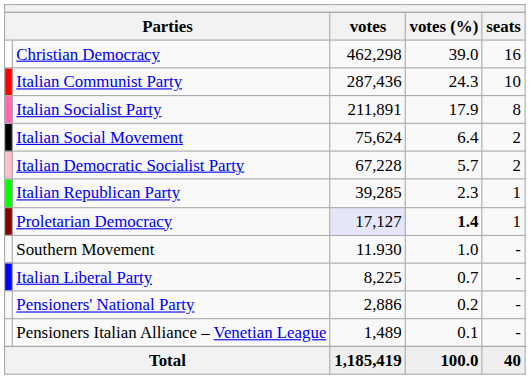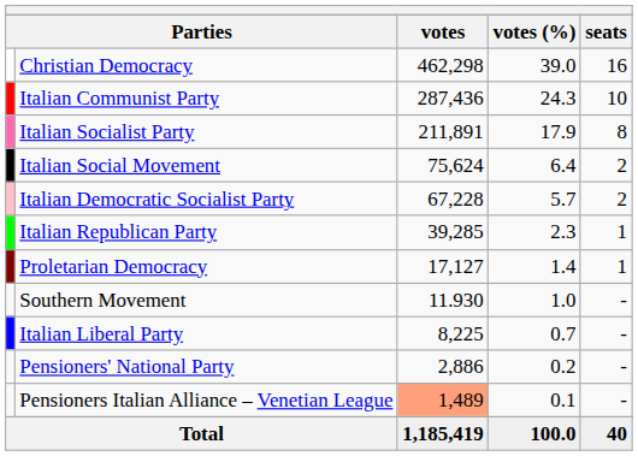 <table class="wikitable" style="font-size:95%">
 <tr>
 <th colspan=5></th>
 </tr>
 <tr>
 </tr>
 <tr bgcolor="EFEFEF">
 <th colspan=2>Parties</th>
 <th>votes</th>
 <th>votes (%)</th>
 <th>seats</th>
 </tr>
 <tr>
 <td bgcolor=White></td>
 <td><a href='#'>Christian Democracy</a></td>
 <td align=right>462,298</td>
 <td align=right>39.0</td>
 <td align=right>16</td>
 </tr>
 <tr>
 <td bgcolor=Red></td>
 <td><a href='#'>Italian Communist Party</a></td>
 <td align=right>287,436</td>
 <td align=right>24.3</td>
 <td align=right>10</td>
 </tr>
 <tr>
 <td bgcolor=Hotpink></td>
 <td><a href='#'>Italian Socialist Party</a></td>
 <td align=right>211,891</td>
 <td align=right>17.9</td>
 <td align=right>8</td>
 </tr>
 <tr>
 <td bgcolor=Black></td>
 <td><a href='#'>Italian Social Movement</a></td>
 <td align=right>75,624</td>
 <td align=right>6.4</td>
 <td align=right>2</td>
 </tr>
 <tr>
 <td bgcolor=Pink></td>
 <td><a href='#'>Italian Democratic Socialist Party</a></td>
 <td align=right>67,228</td>
 <td align=right>5.7</td>
 <td align=right>2</td>
 </tr>
 <tr>
 <td bgcolor=Lime></td>
 <td><a href='#'>Italian Republican Party</a></td>
 <td align=right>39,285</td>
 <td align=right>2.3</td>
 <td align=right>1</td>
 </tr>
 <tr>
 <td bgcolor=Maroon></td>
 <td><a href='#'>Proletarian Democracy</a></td>
-<td align=right style="background: lavender;">17,127</td>
-<td align=right><strong>1.4</strong></td>
+<td align=right>17,127</td>
+<td align=right>1.4</td>
 <td align=right>1</td>
 </tr>
 <tr>
 <td bgcolor=></td>
 <td>Southern Movement</td>
 <td align=right>11.930</td>
 <td align=right>1.0</td>
 <td align=right>-</td>
 </tr>
 <tr>
 <td bgcolor=Blue></td>
 <td><a href='#'>Italian Liberal Party</a></td>
 <td align=right>8,225</td>
 <td align=right>0.7</td>
 <td align=right>-</td>
 </tr>
 <tr>
 <td bgcolor=></td>
 <td><a href='#'>Pensioners' National Party</a></td>
 <td align=right>2,886</td>
 <td align=right>0.2</td>
 <td align=right>-</td>
 </tr>
 <tr>
 <td bgcolor=></td>
 <td>Pensioners Italian Alliance – <a href='#'>Venetian League</a></td>
-<td align=right>1,489</td>
+<td align=right style="background: lightsalmon;">1,489</td>
 <td align=right>0.1</td>
 <td align=right>-</td>
 </tr>
 <tr>
 </tr>
 <tr bgcolor="EFEFEF">
 <th colspan=2><strong>Total</strong></th>
 <td align=right><strong>1,185,419</strong></td>
 <td align=right><strong>100.0</strong></td>
 <td align=right><strong>40</strong></td>
 </tr>
 </table>
